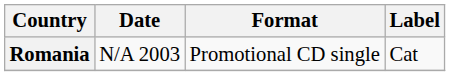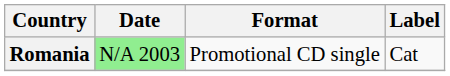 <table class="wikitable plainrowheaders unsortable">
 <tr>
 <th scope="col">Country</th>
 <th scope="col">Date</th>
 <th scope="col">Format</th>
 <th scope="col">Label</th>
 </tr>
 <tr>
 <th scope="row">Romania</th>
-<td rowspan="1">N/A 2003</td>
+<td rowspan="1" style="background: lightgreen;">N/A 2003</td>
 <td rowspan="1">Promotional CD single</td>
 <td rowspan="1">Cat</td>
 </tr>
 <tr>
 </tr>
 </table>
